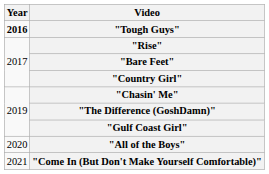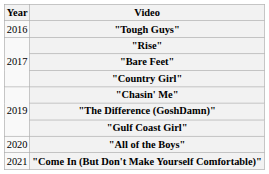 <table class="wikitable plainrowheaders">
 <tr>
 <th scope="col">Year</th>
 <th scope="col">Video</th>
 </tr>
 <tr>
-<td><strong>2016</strong></td>
+<td>2016</td>
 <th scope="row">"Tough Guys"</th>
 </tr>
 <tr>
 <td rowspan="3">2017</td>
 <th scope="row">"Rise"</th>
 </tr>
 <tr>
 <th scope="row">"Bare Feet"</th>
 </tr>
 <tr>
 <th scope="row">"Country Girl"</th>
 </tr>
 <tr>
 <td rowspan="3">2019</td>
 <th scope="row">"Chasin' Me"</th>
 </tr>
 <tr>
 <th scope="row">"The Difference (GoshDamn)"</th>
 </tr>
 <tr>
 <th scope="row">"Gulf Coast Girl"</th>
 </tr>
 <tr>
 <td>2020</td>
 <th scope="row">"All of the Boys"</th>
 </tr>
 <tr>
 <td>2021</td>
 <th scope="row">"Come In (But Don't Make Yourself Comfortable)"</th>
 </tr>
 </table>
